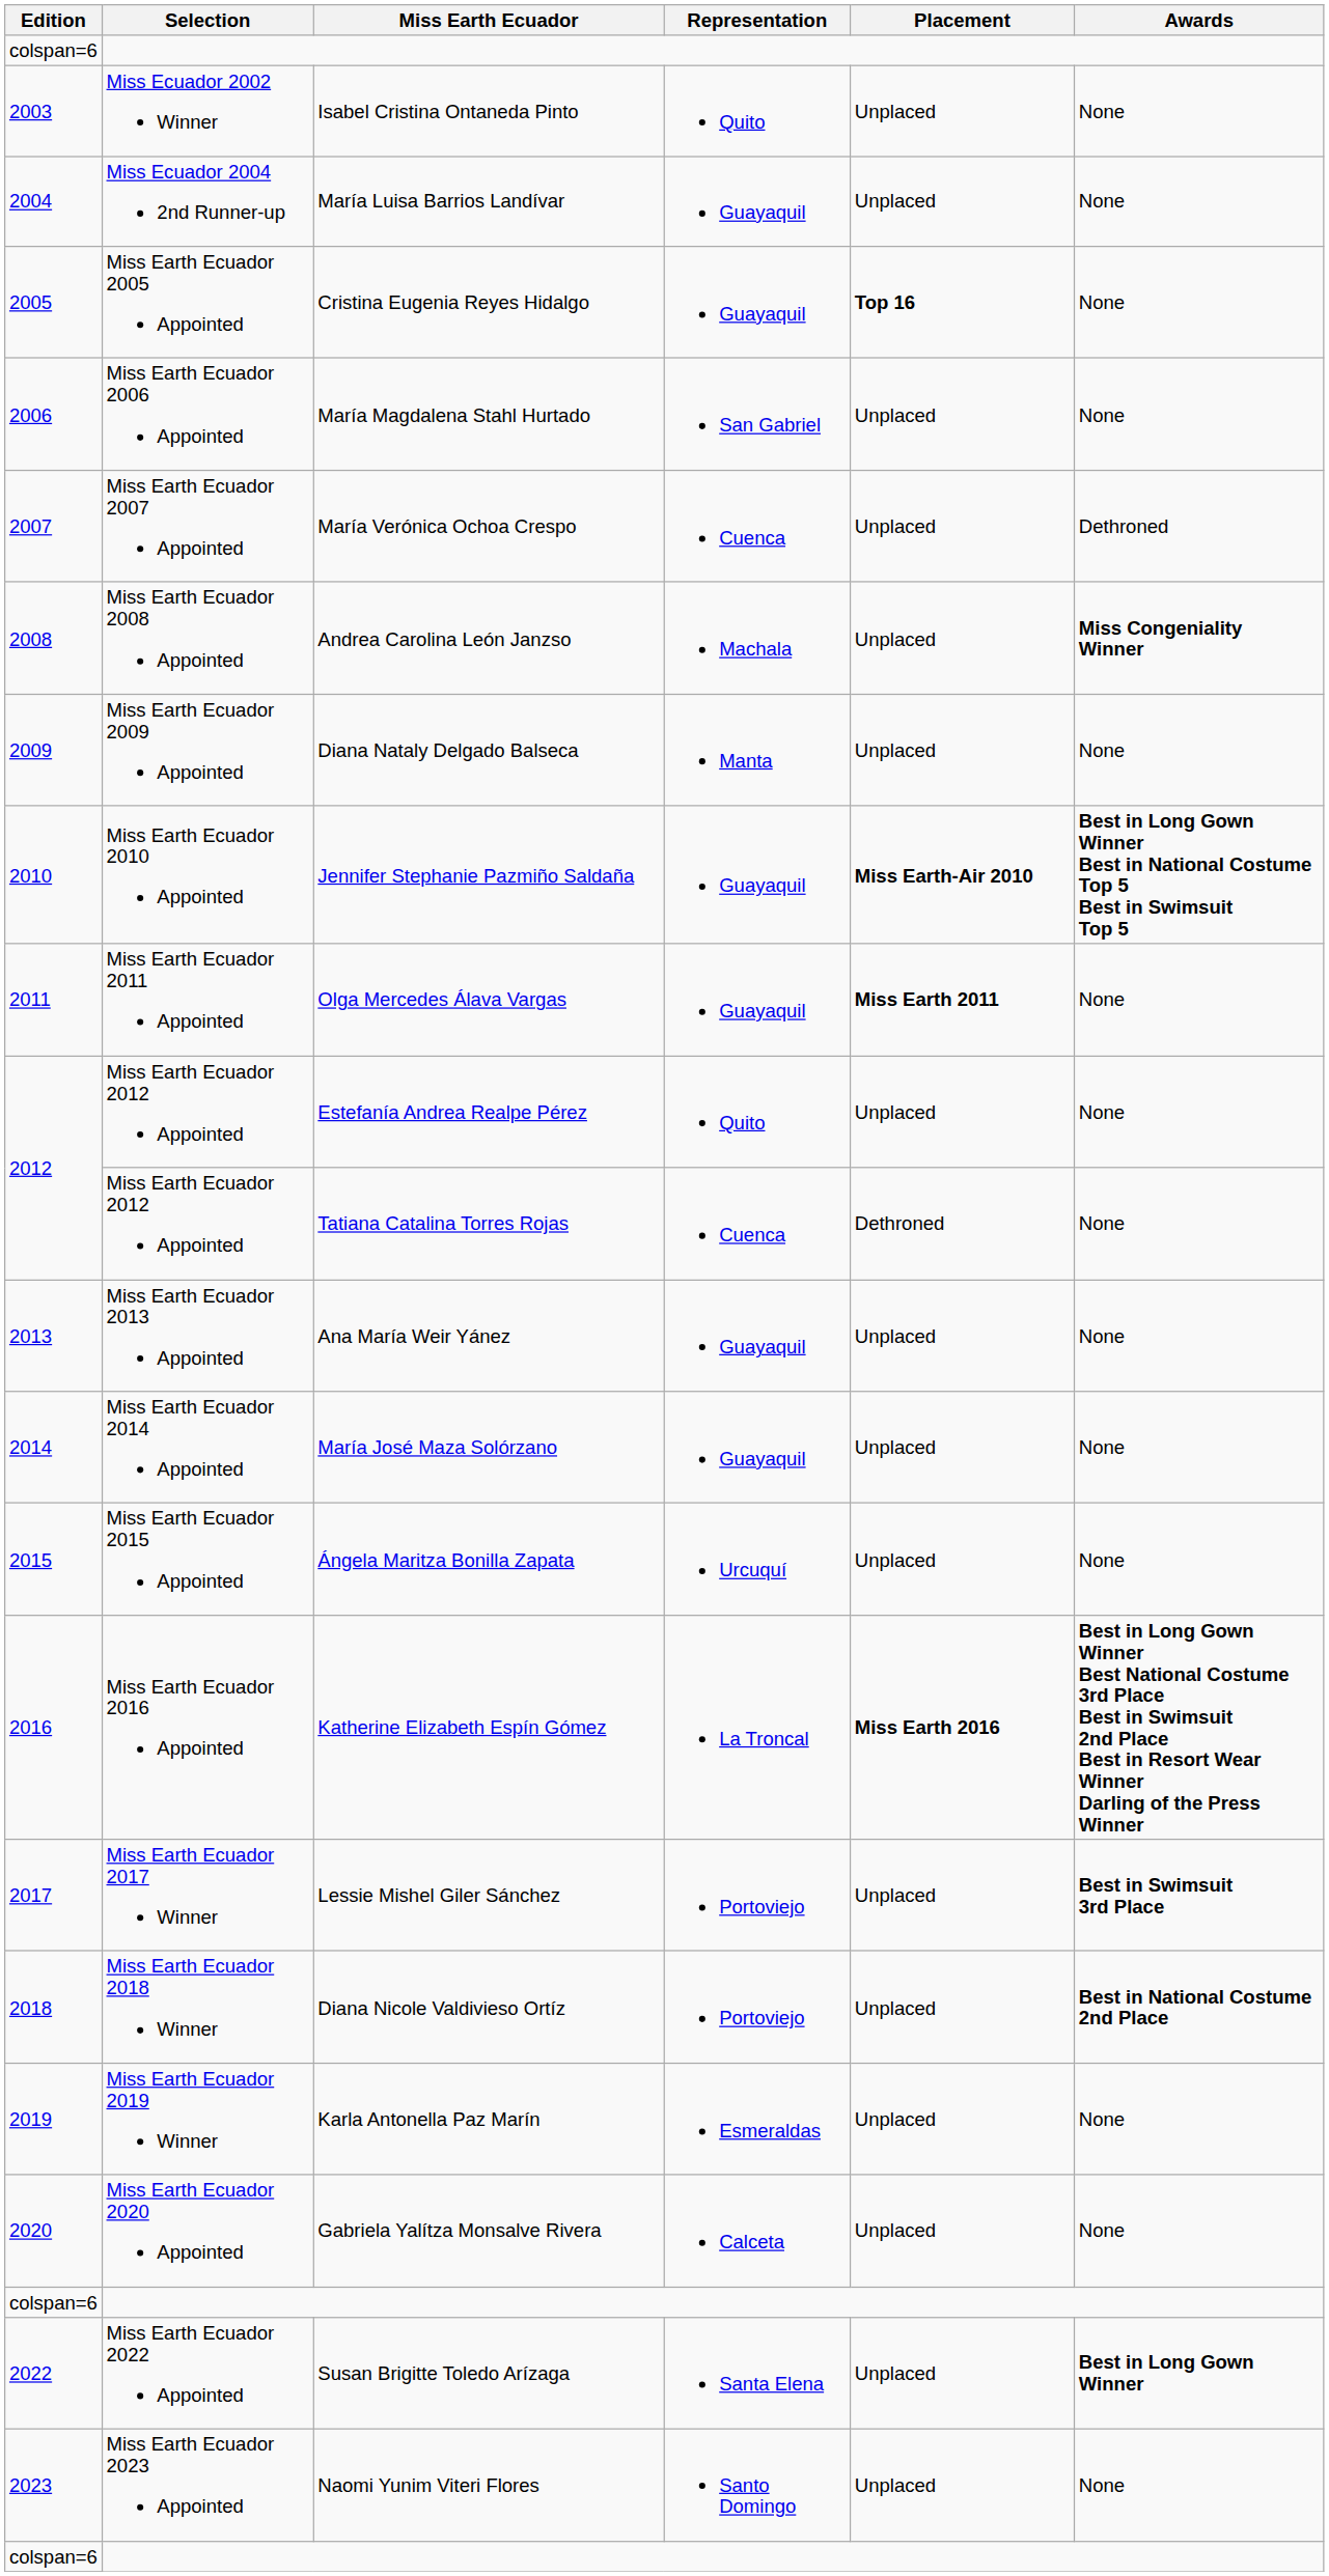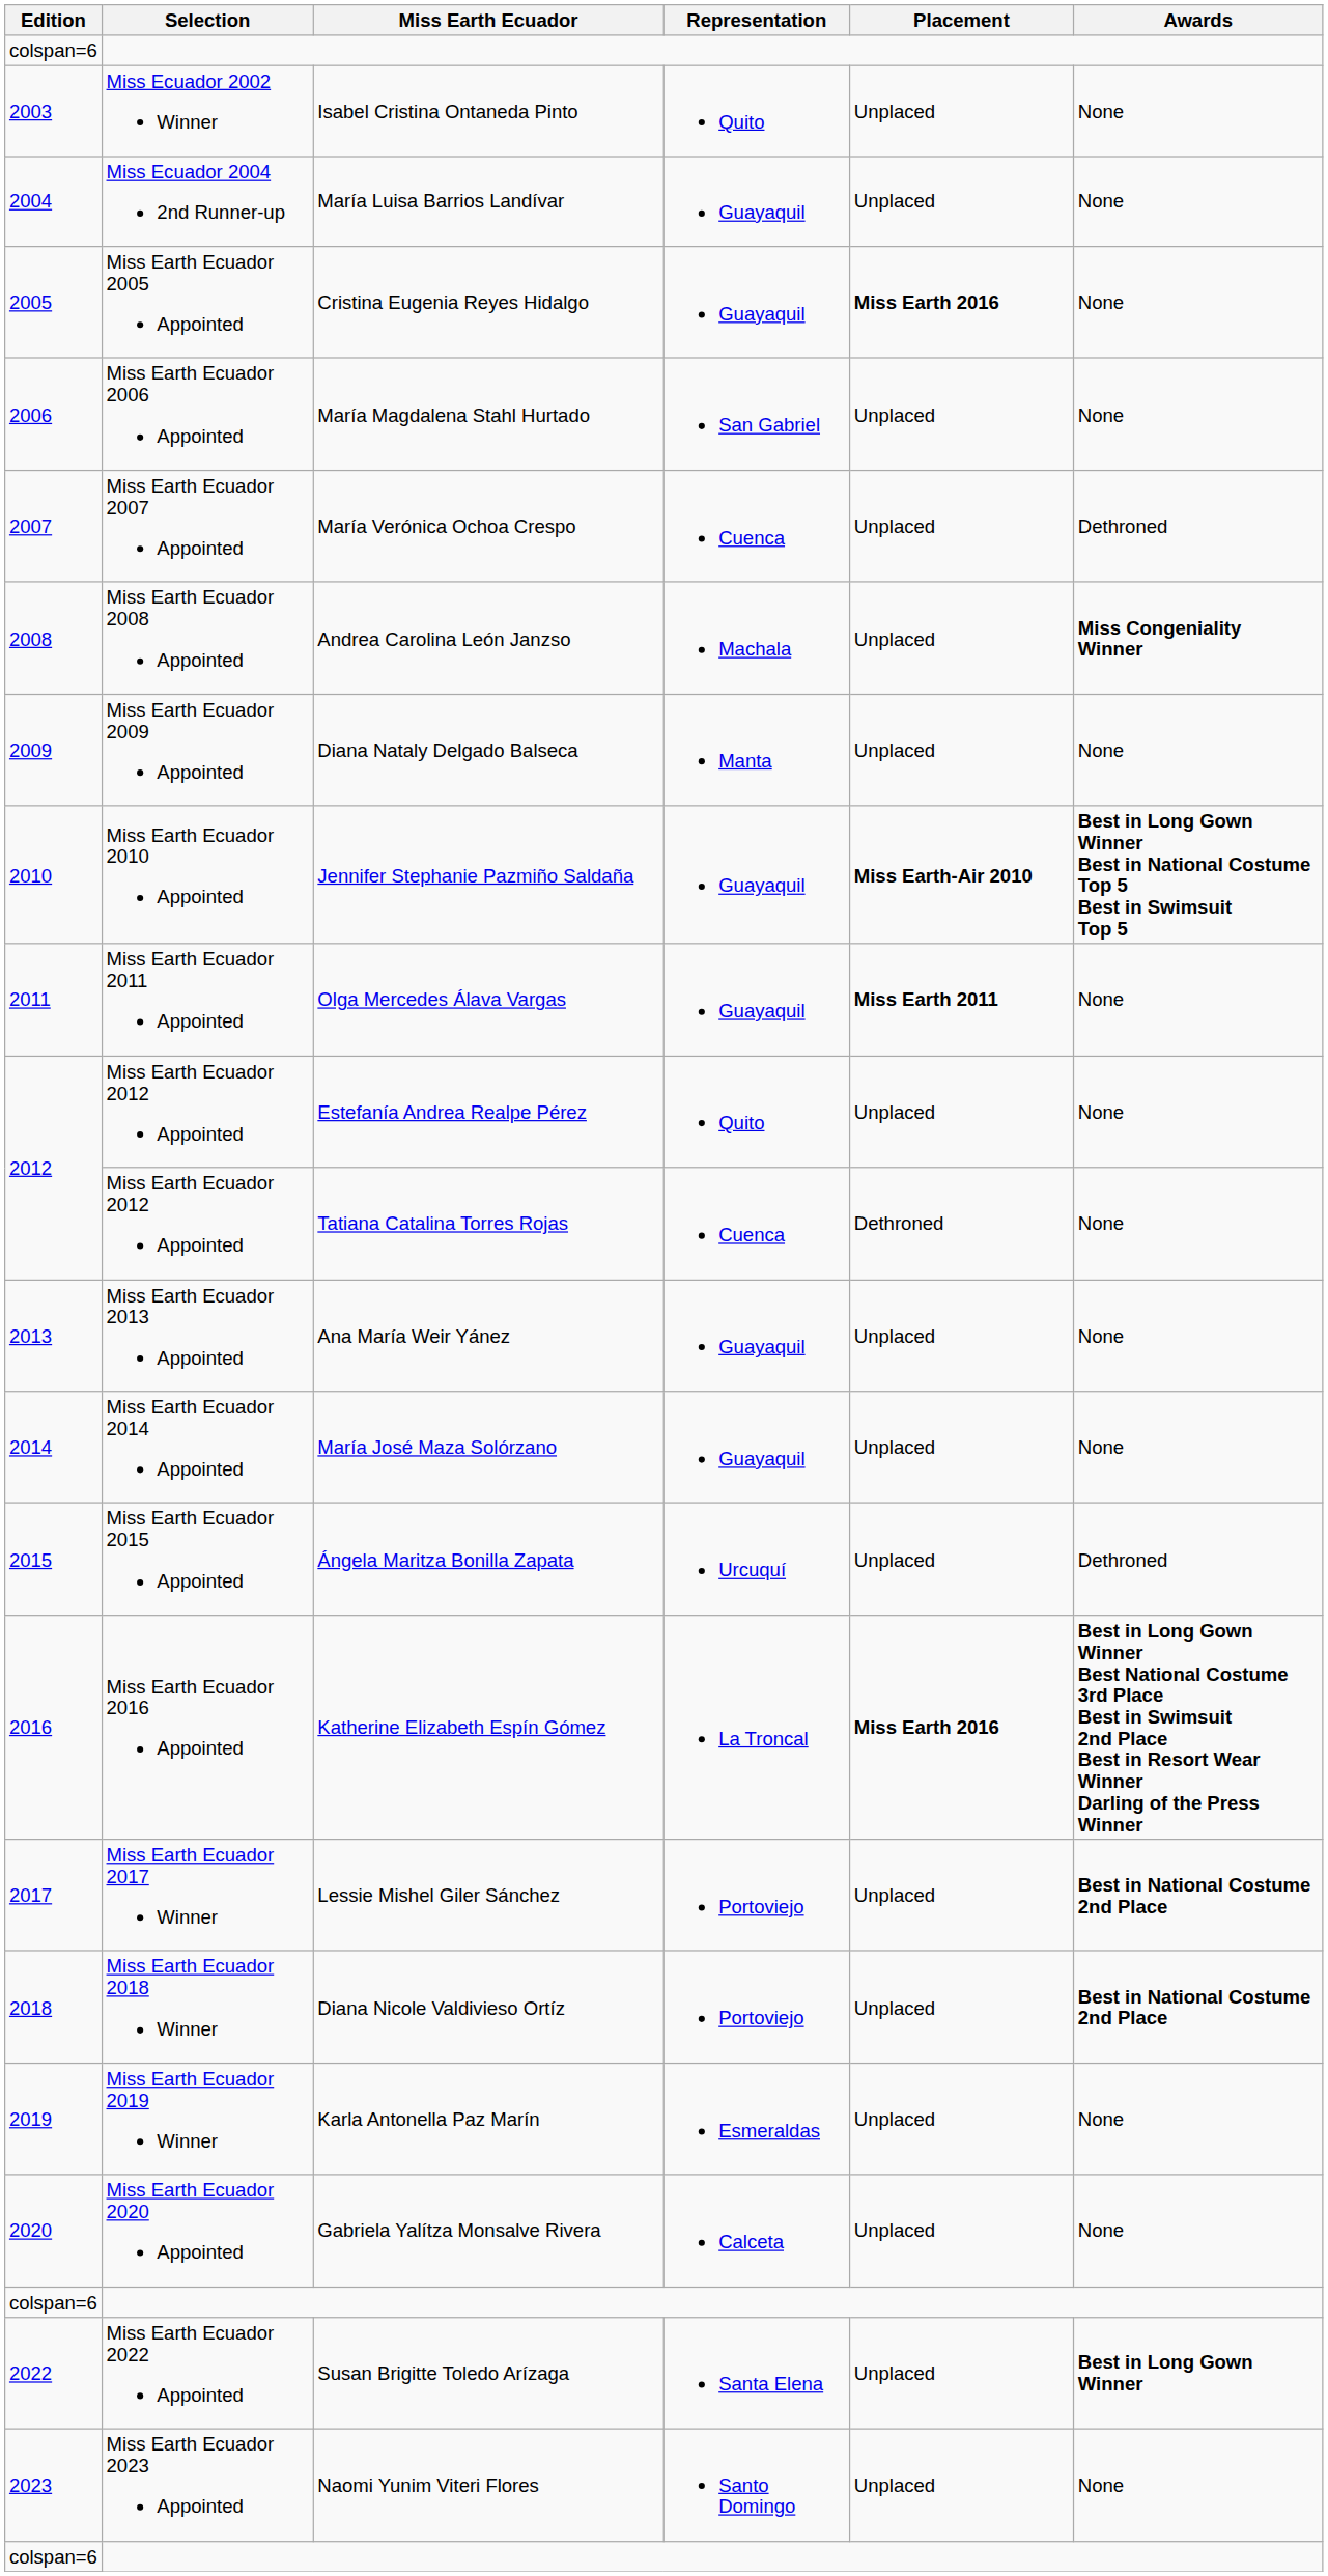 <table class="wikitable sortable" style="font-size: 95%">
 <tr>
 <th width="2">Edition</th>
 <th width="160">Selection</th>
 <th width="270">Miss Earth Ecuador</th>
 <th width="140">Representation</th>
 <th width="170">Placement</th>
 <th width="190">Awards</th>
 </tr>
 <tr>
 <td>colspan=6 </td>
 </tr>
 <tr>
 <td><a href='#'>2003</a></td>
 <td><a href='#'>Miss Ecuador 2002</a><br><ul><li>Winner</li></ul></td>
 <td>Isabel Cristina Ontaneda Pinto</td>
 <td><br><ul><li><a href='#'>Quito</a></li></ul></td>
 <td>Unplaced</td>
 <td>None</td>
 </tr>
 <tr>
 <td><a href='#'>2004</a></td>
 <td><a href='#'>Miss Ecuador 2004</a><br><ul><li>2nd Runner-up</li></ul></td>
 <td>María Luisa Barrios Landívar</td>
 <td><br><ul><li><a href='#'>Guayaquil</a></li></ul></td>
 <td>Unplaced</td>
 <td>None</td>
 </tr>
 <tr>
 <td><a href='#'>2005</a></td>
 <td>Miss Earth Ecuador 2005<br><ul><li>Appointed</li></ul></td>
 <td>Cristina Eugenia Reyes Hidalgo</td>
 <td><br><ul><li><a href='#'>Guayaquil</a></li></ul></td>
-<td><strong>Top 16</strong></td>
+<td><strong>Miss Earth 2016</strong></td>
 <td>None</td>
 </tr>
 <tr>
 <td><a href='#'>2006</a></td>
 <td>Miss Earth Ecuador 2006<br><ul><li>Appointed</li></ul></td>
 <td>María Magdalena Stahl Hurtado</td>
 <td><br><ul><li><a href='#'>San Gabriel</a></li></ul></td>
 <td>Unplaced</td>
 <td>None</td>
 </tr>
 <tr>
 <td><a href='#'>2007</a></td>
 <td>Miss Earth Ecuador 2007<br><ul><li>Appointed</li></ul></td>
 <td>María Verónica Ochoa Crespo</td>
 <td><br><ul><li><a href='#'>Cuenca</a></li></ul></td>
 <td>Unplaced</td>
 <td>Dethroned</td>
 </tr>
 <tr>
 <td><a href='#'>2008</a></td>
 <td>Miss Earth Ecuador 2008<br><ul><li>Appointed</li></ul></td>
 <td>Andrea Carolina León Janzso</td>
 <td><br><ul><li><a href='#'>Machala</a></li></ul></td>
 <td>Unplaced</td>
 <td><strong>Miss Congeniality<br>Winner</strong></td>
 </tr>
 <tr>
 <td><a href='#'>2009</a></td>
 <td>Miss Earth Ecuador 2009<br><ul><li>Appointed</li></ul></td>
 <td>Diana Nataly Delgado Balseca</td>
 <td><br><ul><li><a href='#'>Manta</a></li></ul></td>
 <td>Unplaced</td>
 <td>None</td>
 </tr>
 <tr>
 <td><a href='#'>2010</a></td>
 <td>Miss Earth Ecuador 2010<br><ul><li>Appointed</li></ul></td>
 <td><a href='#'>Jennifer Stephanie Pazmiño Saldaña</a></td>
 <td><br><ul><li><a href='#'>Guayaquil</a></li></ul></td>
 <td><strong>Miss Earth-Air 2010</strong></td>
 <td><strong>Best in Long Gown<br>Winner<br>Best in National Costume<br>Top 5<br>Best in Swimsuit<br>Top 5</strong></td>
 </tr>
 <tr>
 <td><a href='#'>2011</a></td>
 <td>Miss Earth Ecuador 2011<br><ul><li>Appointed</li></ul></td>
 <td><a href='#'>Olga Mercedes Álava Vargas</a></td>
 <td><br><ul><li><a href='#'>Guayaquil</a></li></ul></td>
 <td><strong>Miss Earth 2011</strong></td>
 <td>None</td>
 </tr>
 <tr>
 <td rowspan=2><a href='#'>2012</a></td>
 <td>Miss Earth Ecuador 2012<br><ul><li>Appointed</li></ul></td>
 <td><a href='#'>Estefanía Andrea Realpe Pérez</a></td>
 <td><br><ul><li><a href='#'>Quito</a></li></ul></td>
 <td>Unplaced</td>
 <td>None</td>
 </tr>
 <tr>
 <td>Miss Earth Ecuador 2012<br><ul><li>Appointed</li></ul></td>
 <td><a href='#'>Tatiana Catalina Torres Rojas</a></td>
 <td><br><ul><li><a href='#'>Cuenca</a></li></ul></td>
 <td>Dethroned</td>
 <td>None</td>
 </tr>
 <tr>
 <td><a href='#'>2013</a></td>
 <td>Miss Earth Ecuador 2013<br><ul><li>Appointed</li></ul></td>
 <td>Ana María Weir Yánez</td>
 <td><br><ul><li><a href='#'>Guayaquil</a></li></ul></td>
 <td>Unplaced</td>
 <td>None</td>
 </tr>
 <tr>
 <td><a href='#'>2014</a></td>
 <td>Miss Earth Ecuador 2014<br><ul><li>Appointed</li></ul></td>
 <td><a href='#'>María José Maza Solórzano</a></td>
 <td><br><ul><li><a href='#'>Guayaquil</a></li></ul></td>
 <td>Unplaced</td>
 <td>None</td>
 </tr>
 <tr>
 <td><a href='#'>2015</a></td>
 <td>Miss Earth Ecuador 2015<br><ul><li>Appointed</li></ul></td>
 <td><a href='#'>Ángela Maritza Bonilla Zapata</a></td>
 <td><br><ul><li><a href='#'>Urcuquí</a></li></ul></td>
 <td>Unplaced</td>
-<td>None</td>
+<td>Dethroned</td>
 </tr>
 <tr>
 <td><a href='#'>2016</a></td>
 <td>Miss Earth Ecuador 2016<br><ul><li>Appointed</li></ul></td>
 <td><a href='#'>Katherine Elizabeth Espín Gómez</a></td>
 <td><br><ul><li><a href='#'>La Troncal</a></li></ul></td>
 <td><strong>Miss Earth 2016</strong></td>
 <td><strong>Best in Long Gown<br>Winner<br>Best National Costume<br>3rd Place<br>Best in Swimsuit<br>2nd Place<br>Best in Resort Wear<br>Winner<br>Darling of the Press<br>Winner</strong></td>
 </tr>
 <tr>
 <td><a href='#'>2017</a></td>
 <td><a href='#'>Miss Earth Ecuador 2017</a><br><ul><li>Winner</li></ul></td>
 <td>Lessie Mishel Giler Sánchez</td>
 <td><br><ul><li><a href='#'>Portoviejo</a></li></ul></td>
 <td>Unplaced</td>
-<td><strong>Best in Swimsuit<br>3rd Place</strong></td>
+<td><strong>Best in National Costume<br>2nd Place</strong></td>
 </tr>
 <tr>
 <td><a href='#'>2018</a></td>
 <td><a href='#'>Miss Earth Ecuador 2018</a><br><ul><li>Winner</li></ul></td>
 <td>Diana Nicole Valdivieso Ortíz</td>
 <td><br><ul><li><a href='#'>Portoviejo</a></li></ul></td>
 <td>Unplaced</td>
 <td><strong>Best in National Costume<br>2nd Place</strong></td>
 </tr>
 <tr>
 <td><a href='#'>2019</a></td>
 <td><a href='#'>Miss Earth Ecuador 2019</a><br><ul><li>Winner</li></ul></td>
 <td>Karla Antonella Paz Marín</td>
 <td><br><ul><li><a href='#'>Esmeraldas</a></li></ul></td>
 <td>Unplaced</td>
 <td>None</td>
 </tr>
 <tr>
 <td><a href='#'>2020</a></td>
 <td><a href='#'>Miss Earth Ecuador 2020</a><br><ul><li>Appointed</li></ul></td>
 <td>Gabriela Yalítza Monsalve Rivera</td>
 <td><br><ul><li><a href='#'>Calceta</a></li></ul></td>
 <td>Unplaced</td>
 <td>None</td>
 </tr>
 <tr>
 <td>colspan=6 </td>
 </tr>
 <tr>
 <td><a href='#'>2022</a></td>
 <td>Miss Earth Ecuador 2022<br><ul><li>Appointed</li></ul></td>
 <td>Susan Brigitte Toledo Arízaga</td>
 <td><br><ul><li><a href='#'>Santa Elena</a></li></ul></td>
 <td>Unplaced</td>
 <td><strong>Best in Long Gown<br>Winner</strong></td>
 </tr>
 <tr>
 <td><a href='#'>2023</a></td>
 <td>Miss Earth Ecuador 2023<br><ul><li>Appointed</li></ul></td>
 <td>Naomi Yunim Viteri Flores</td>
 <td><br><ul><li><a href='#'>Santo Domingo</a></li></ul></td>
 <td>Unplaced</td>
 <td>None</td>
 </tr>
 <tr>
 <td>colspan=6 </td>
 </tr>
 <tr>
 </tr>
 </table>
